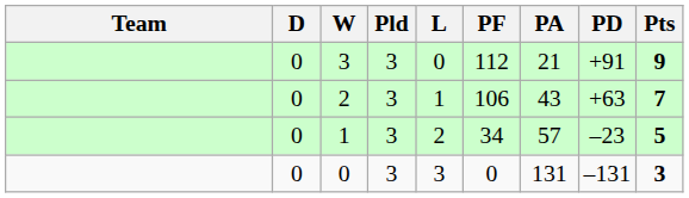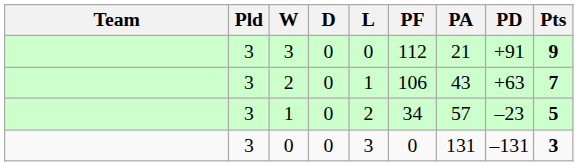 <table class="wikitable" style="text-align:center;">
 <tr>
 <th width=175>Team</th>
+<th width=25 abbr="Played">Pld</th>
+<th width=25 abbr="Won">W</th>
 <th width=25 abbr="Drawn">D</th>
-<th width=25 abbr="Won">W</th>
-<th width=25 abbr="Played">Pld</th>
 <th width=25 abbr="Lost">L</th>
 <th width=32 abbr="Points for">PF</th>
 <th width=32 abbr="Points against">PA</th>
 <th width=32 abbr="Points difference">PD</th>
 <th width=25 abbr="Points">Pts</th>
 </tr>
 <tr bgcolor=ccffcc>
 <td align=left></td>
-<td>0</td>
 <td>3</td>
 <td>3</td>
+<td>0</td>
 <td>0</td>
 <td>112</td>
 <td>21</td>
 <td>+91</td>
 <td><strong>9</strong></td>
 </tr>
 <tr bgcolor=ccffcc>
 <td align=left></td>
+<td>3</td>
+<td>2</td>
 <td>0</td>
-<td>2</td>
-<td>3</td>
 <td>1</td>
 <td>106</td>
 <td>43</td>
 <td>+63</td>
 <td><strong>7</strong></td>
 </tr>
 <tr bgcolor=ccffcc>
 <td align=left></td>
+<td>3</td>
+<td>1</td>
 <td>0</td>
-<td>1</td>
-<td>3</td>
 <td>2</td>
 <td>34</td>
 <td>57</td>
 <td>–23</td>
 <td><strong>5</strong></td>
 </tr>
 <tr>
 <td align=left></td>
+<td>3</td>
 <td>0</td>
 <td>0</td>
-<td>3</td>
 <td>3</td>
 <td>0</td>
 <td>131</td>
 <td>–131</td>
 <td><strong>3</strong></td>
 </tr>
 </table>
